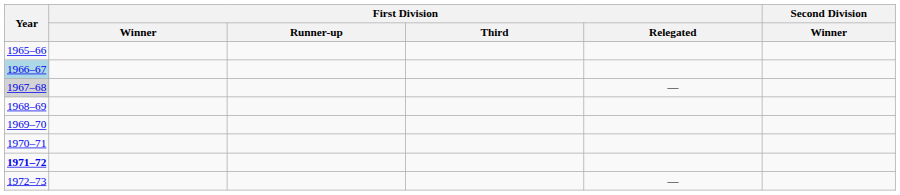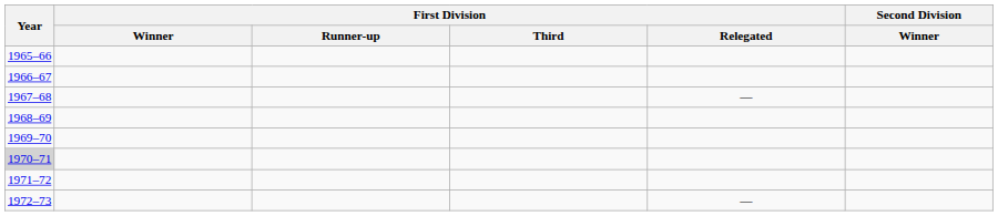 <table class="wikitable" style="font-size:95%; text-align: center;">
 <tr>
 <th rowspan=2 width=5%>Year</th>
 <th colspan=4>First Division</th>
 <th>Second Division</th>
 </tr>
 <tr>
 <th width=20%>Winner</th>
 <th width=20%>Runner-up</th>
 <th width=20%>Third</th>
 <th width=20%>Relegated</th>
 <th>Winner</th>
 </tr>
 <tr>
 <td><a href='#'>1965–66</a></td>
 <td></td>
 <td></td>
 <td></td>
 <td></td>
 <td></td>
 </tr>
 <tr>
-<td style="background: lightblue;"><a href='#'>1966–67</a></td>
+<td><a href='#'>1966–67</a></td>
 <td></td>
 <td></td>
 <td></td>
 <td></td>
 <td></td>
 </tr>
 <tr>
-<td style="background: lightgrey;"><a href='#'>1967–68</a></td>
+<td><a href='#'>1967–68</a></td>
 <td></td>
 <td></td>
 <td></td>
 <td>—</td>
 <td></td>
 </tr>
 <tr>
 <td><a href='#'>1968–69</a></td>
 <td></td>
 <td></td>
 <td></td>
 <td><br></td>
 <td></td>
 </tr>
 <tr>
 <td><a href='#'>1969–70</a></td>
 <td></td>
 <td></td>
 <td></td>
 <td></td>
 <td></td>
 </tr>
 <tr>
-<td><a href='#'>1970–71</a></td>
+<td style="background: lightgrey;"><a href='#'>1970–71</a></td>
 <td></td>
 <td></td>
 <td></td>
 <td></td>
 <td></td>
 </tr>
 <tr>
-<td><strong><a href='#'>1971–72</a></strong></td>
+<td><a href='#'>1971–72</a></td>
 <td></td>
 <td></td>
 <td></td>
 <td></td>
 <td></td>
 </tr>
 <tr>
 <td><a href='#'>1972–73</a></td>
 <td></td>
 <td></td>
 <td></td>
 <td>—</td>
 <td></td>
 </tr>
 </table>
